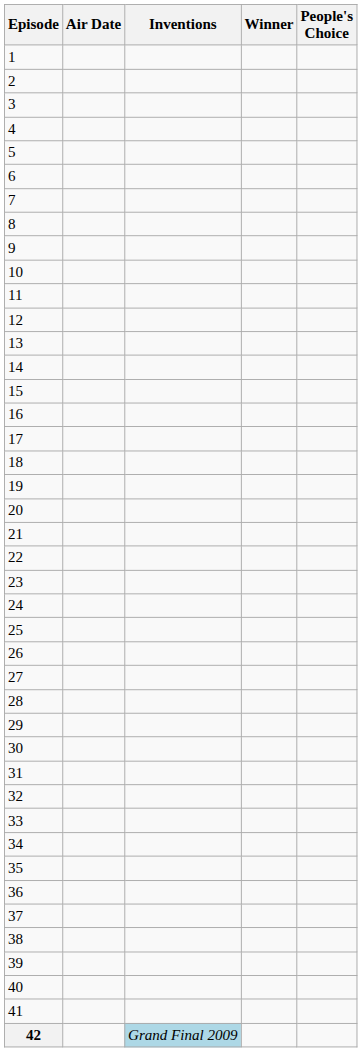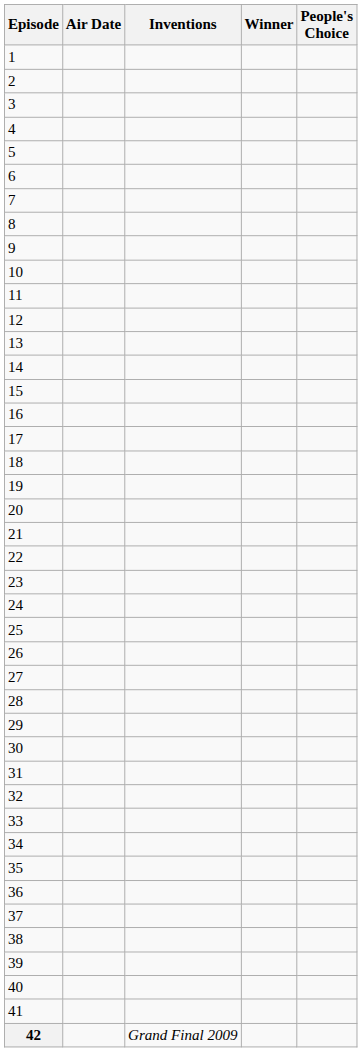 <table class="wikitable">
 <tr>
 <th>Episode</th>
 <th>Air Date</th>
 <th>Inventions</th>
 <th>Winner</th>
 <th>People's<br>Choice</th>
 </tr>
 <tr>
 <td>1</td>
 <td></td>
 <td></td>
 <td></td>
 <td></td>
 </tr>
 <tr>
 <td>2</td>
 <td></td>
 <td></td>
 <td></td>
 <td></td>
 </tr>
 <tr>
 <td>3</td>
 <td></td>
 <td></td>
 <td></td>
 <td></td>
 </tr>
 <tr>
 <td>4</td>
 <td></td>
 <td></td>
 <td></td>
 <td></td>
 </tr>
 <tr>
 <td>5</td>
 <td></td>
 <td></td>
 <td></td>
 <td></td>
 </tr>
 <tr>
 <td>6</td>
 <td></td>
 <td></td>
 <td></td>
 <td></td>
 </tr>
 <tr>
 <td>7</td>
 <td></td>
 <td></td>
 <td></td>
 <td></td>
 </tr>
 <tr>
 <td>8</td>
 <td></td>
 <td></td>
 <td></td>
 <td></td>
 </tr>
 <tr>
 <td>9</td>
 <td></td>
 <td></td>
 <td></td>
 <td></td>
 </tr>
 <tr>
 <td>10</td>
 <td></td>
 <td></td>
 <td></td>
 <td></td>
 </tr>
 <tr>
 <td>11</td>
 <td></td>
 <td></td>
 <td></td>
 <td></td>
 </tr>
 <tr>
 <td>12</td>
 <td></td>
 <td></td>
 <td></td>
 <td></td>
 </tr>
 <tr>
 <td>13</td>
 <td></td>
 <td></td>
 <td></td>
 <td></td>
 </tr>
 <tr>
 <td>14</td>
 <td></td>
 <td></td>
 <td></td>
 <td></td>
 </tr>
 <tr>
 <td>15</td>
 <td></td>
 <td></td>
 <td></td>
 <td></td>
 </tr>
 <tr>
 <td>16</td>
 <td></td>
 <td></td>
 <td></td>
 <td></td>
 </tr>
 <tr>
 <td>17</td>
 <td></td>
 <td></td>
 <td></td>
 <td></td>
 </tr>
 <tr>
 <td>18</td>
 <td></td>
 <td></td>
 <td></td>
 <td></td>
 </tr>
 <tr>
 <td>19</td>
 <td></td>
 <td></td>
 <td></td>
 <td></td>
 </tr>
 <tr>
 <td>20</td>
 <td></td>
 <td></td>
 <td></td>
 <td></td>
 </tr>
 <tr>
 <td>21</td>
 <td></td>
 <td></td>
 <td></td>
 <td></td>
 </tr>
 <tr>
 <td>22</td>
 <td></td>
 <td></td>
 <td></td>
 <td></td>
 </tr>
 <tr>
 <td>23</td>
 <td></td>
 <td></td>
 <td></td>
 <td></td>
 </tr>
 <tr>
 <td>24</td>
 <td></td>
 <td></td>
 <td></td>
 <td></td>
 </tr>
 <tr>
 <td>25</td>
 <td></td>
 <td></td>
 <td></td>
 <td></td>
 </tr>
 <tr>
 <td>26</td>
 <td></td>
 <td></td>
 <td></td>
 <td></td>
 </tr>
 <tr>
 <td>27</td>
 <td></td>
 <td></td>
 <td></td>
 <td></td>
 </tr>
 <tr>
 <td>28</td>
 <td></td>
 <td></td>
 <td></td>
 <td></td>
 </tr>
 <tr>
 <td>29</td>
 <td></td>
 <td></td>
 <td></td>
 <td></td>
 </tr>
 <tr>
 <td>30</td>
 <td></td>
 <td></td>
 <td></td>
 <td></td>
 </tr>
 <tr>
 <td>31</td>
 <td></td>
 <td></td>
 <td></td>
 <td></td>
 </tr>
 <tr>
 <td>32</td>
 <td></td>
 <td></td>
 <td></td>
 <td></td>
 </tr>
 <tr>
 <td>33</td>
 <td></td>
 <td></td>
 <td></td>
 <td></td>
 </tr>
 <tr>
 <td>34</td>
 <td></td>
 <td></td>
 <td></td>
 <td></td>
 </tr>
 <tr>
 <td>35</td>
 <td></td>
 <td></td>
 <td></td>
 <td></td>
 </tr>
 <tr>
 <td>36</td>
 <td></td>
 <td></td>
 <td></td>
 <td></td>
 </tr>
 <tr>
 <td>37</td>
 <td></td>
 <td></td>
 <td></td>
 <td></td>
 </tr>
 <tr>
 <td>38</td>
 <td></td>
 <td></td>
 <td></td>
 <td></td>
 </tr>
 <tr>
 <td>39</td>
 <td></td>
 <td></td>
 <td></td>
 <td></td>
 </tr>
 <tr>
 <td>40</td>
 <td></td>
 <td></td>
 <td></td>
 <td></td>
 </tr>
 <tr>
 <td>41</td>
 <td></td>
 <td></td>
 <td></td>
 <td></td>
 </tr>
 <tr>
 <th scope=row rowspan=1>42</th>
 <td rowspan=1></td>
-<td style="background: lightblue;"><em>Grand Final 2009</em></td>
+<td><em>Grand Final 2009</em></td>
 <td></td>
 <td></td>
 </tr>
 </table>
